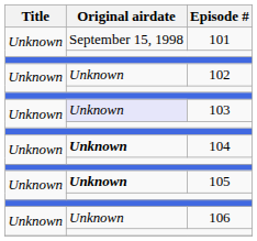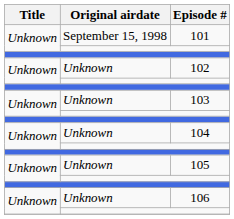 <table class="wikitable">
 <tr>
 <th>Title</th>
 <th>Original airdate</th>
 <th>Episode #</th>
 </tr>
 <tr>
 <td rowspan="2"><span><em>Unknown</em></span></td>
 <td>September 15, 1998</td>
 <td align="center">101</td>
 </tr>
 <tr>
 <td colspan="2"></td>
 </tr>
 <tr>
 <td colspan="5" bgcolor="#4169e1"></td>
 </tr>
 <tr>
 <td rowspan="2"><span><em>Unknown</em></span></td>
 <td><span><em>Unknown</em></span></td>
 <td align="center">102</td>
 </tr>
 <tr>
 <td colspan="2"></td>
 </tr>
 <tr>
 <td colspan="5" bgcolor="#4169e1"></td>
 </tr>
 <tr>
 <td rowspan="2"><span><em>Unknown</em></span></td>
-<td style="background: lavender;"><span><em>Unknown</em></span></td>
+<td><span><em>Unknown</em></span></td>
 <td align="center">103</td>
 </tr>
 <tr>
 <td colspan="2"></td>
 </tr>
 <tr>
 <td colspan="5" bgcolor="#4169e1"></td>
 </tr>
 <tr>
 <td rowspan="2"><span><em>Unknown</em></span></td>
-<td><strong><span><em>Unknown</em></span></strong></td>
+<td><span><em>Unknown</em></span></td>
 <td align="center">104</td>
 </tr>
 <tr>
 <td colspan="2"></td>
 </tr>
 <tr>
 <td colspan="5" bgcolor="#4169e1"></td>
 </tr>
 <tr>
 <td rowspan="2"><span><em>Unknown</em></span></td>
-<td><strong><span><em>Unknown</em></span></strong></td>
+<td><span><em>Unknown</em></span></td>
 <td align="center">105</td>
 </tr>
 <tr>
 <td colspan="2"></td>
 </tr>
 <tr>
 <td colspan="5" bgcolor="#4169e1"></td>
 </tr>
 <tr>
 <td rowspan="2"><span><em>Unknown</em></span></td>
 <td><span><em>Unknown</em></span></td>
 <td align="center">106</td>
 </tr>
 <tr>
 <td colspan="2"></td>
 </tr>
 <tr>
 </tr>
 </table>
